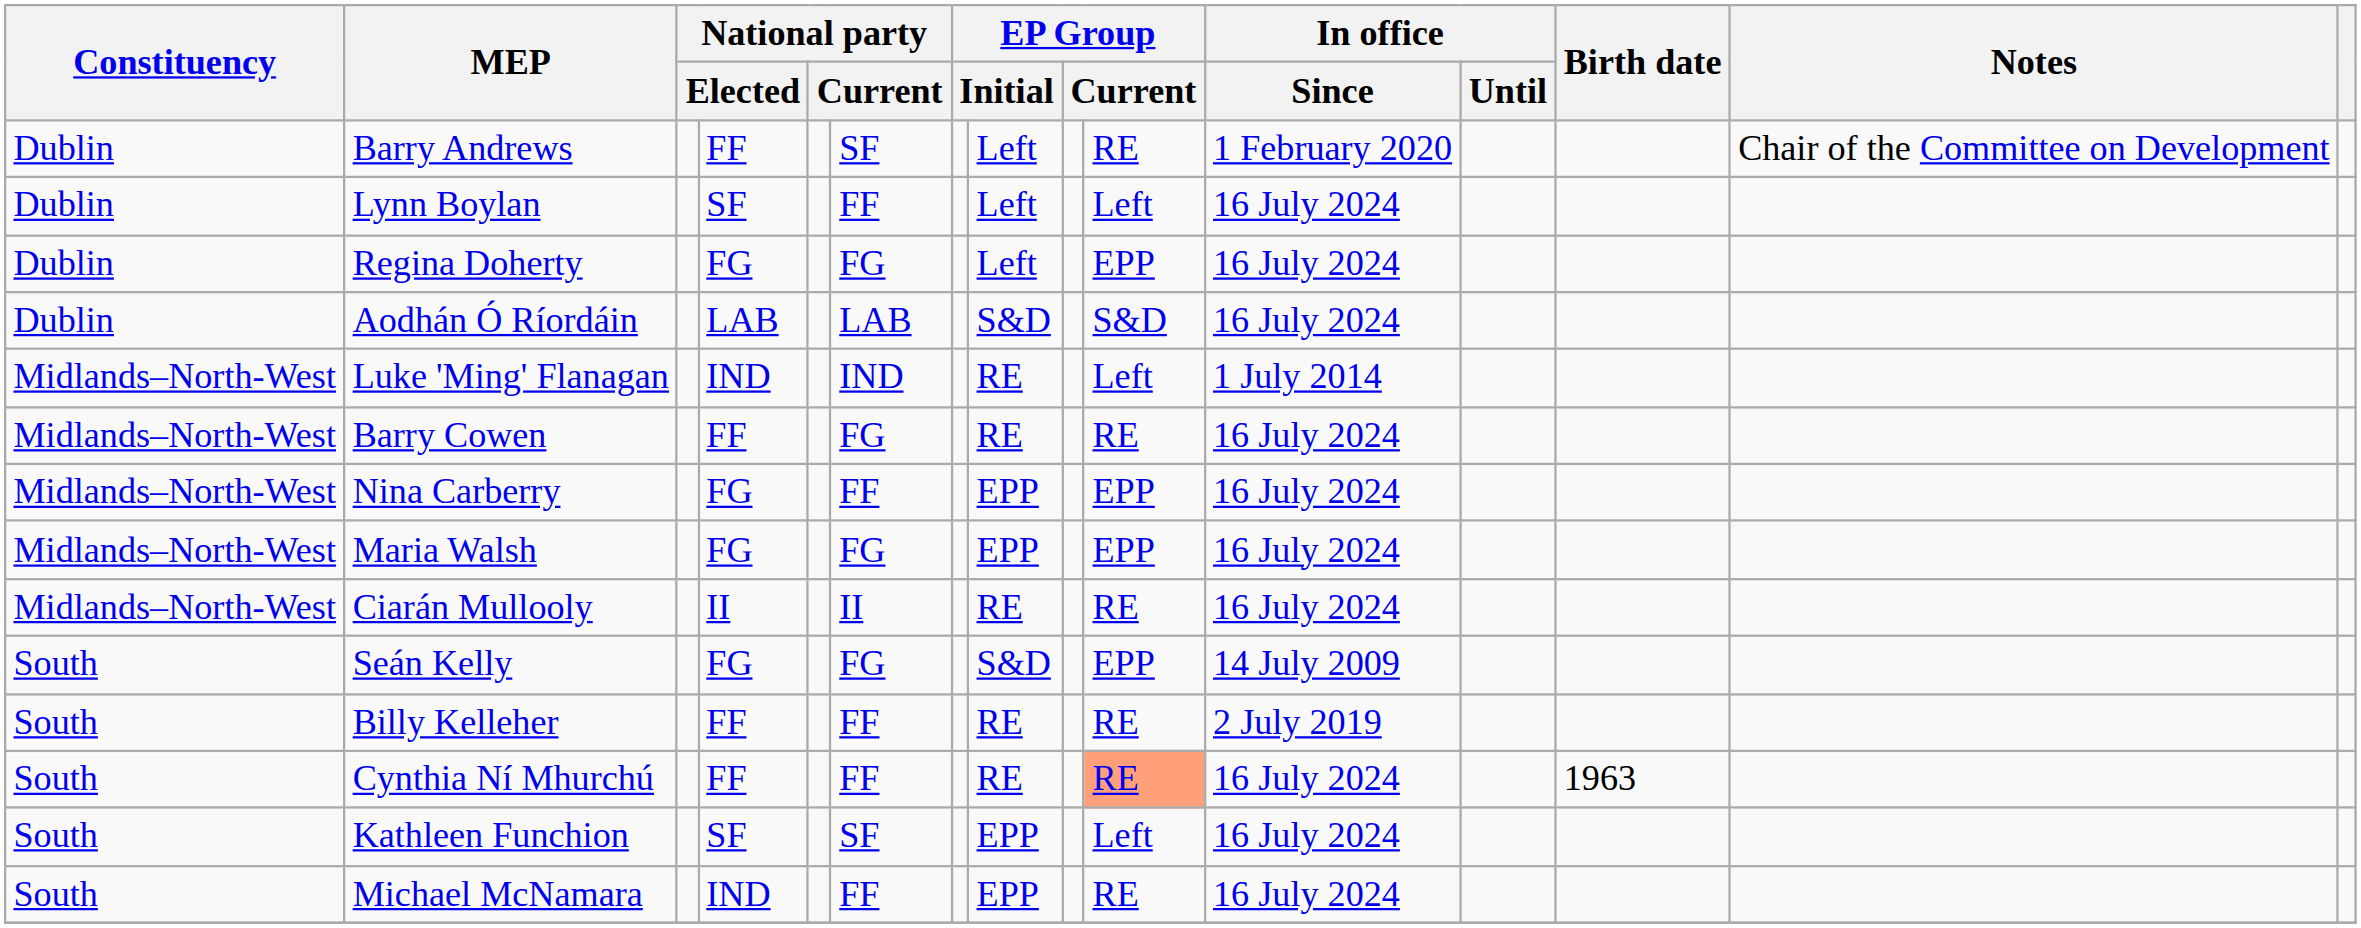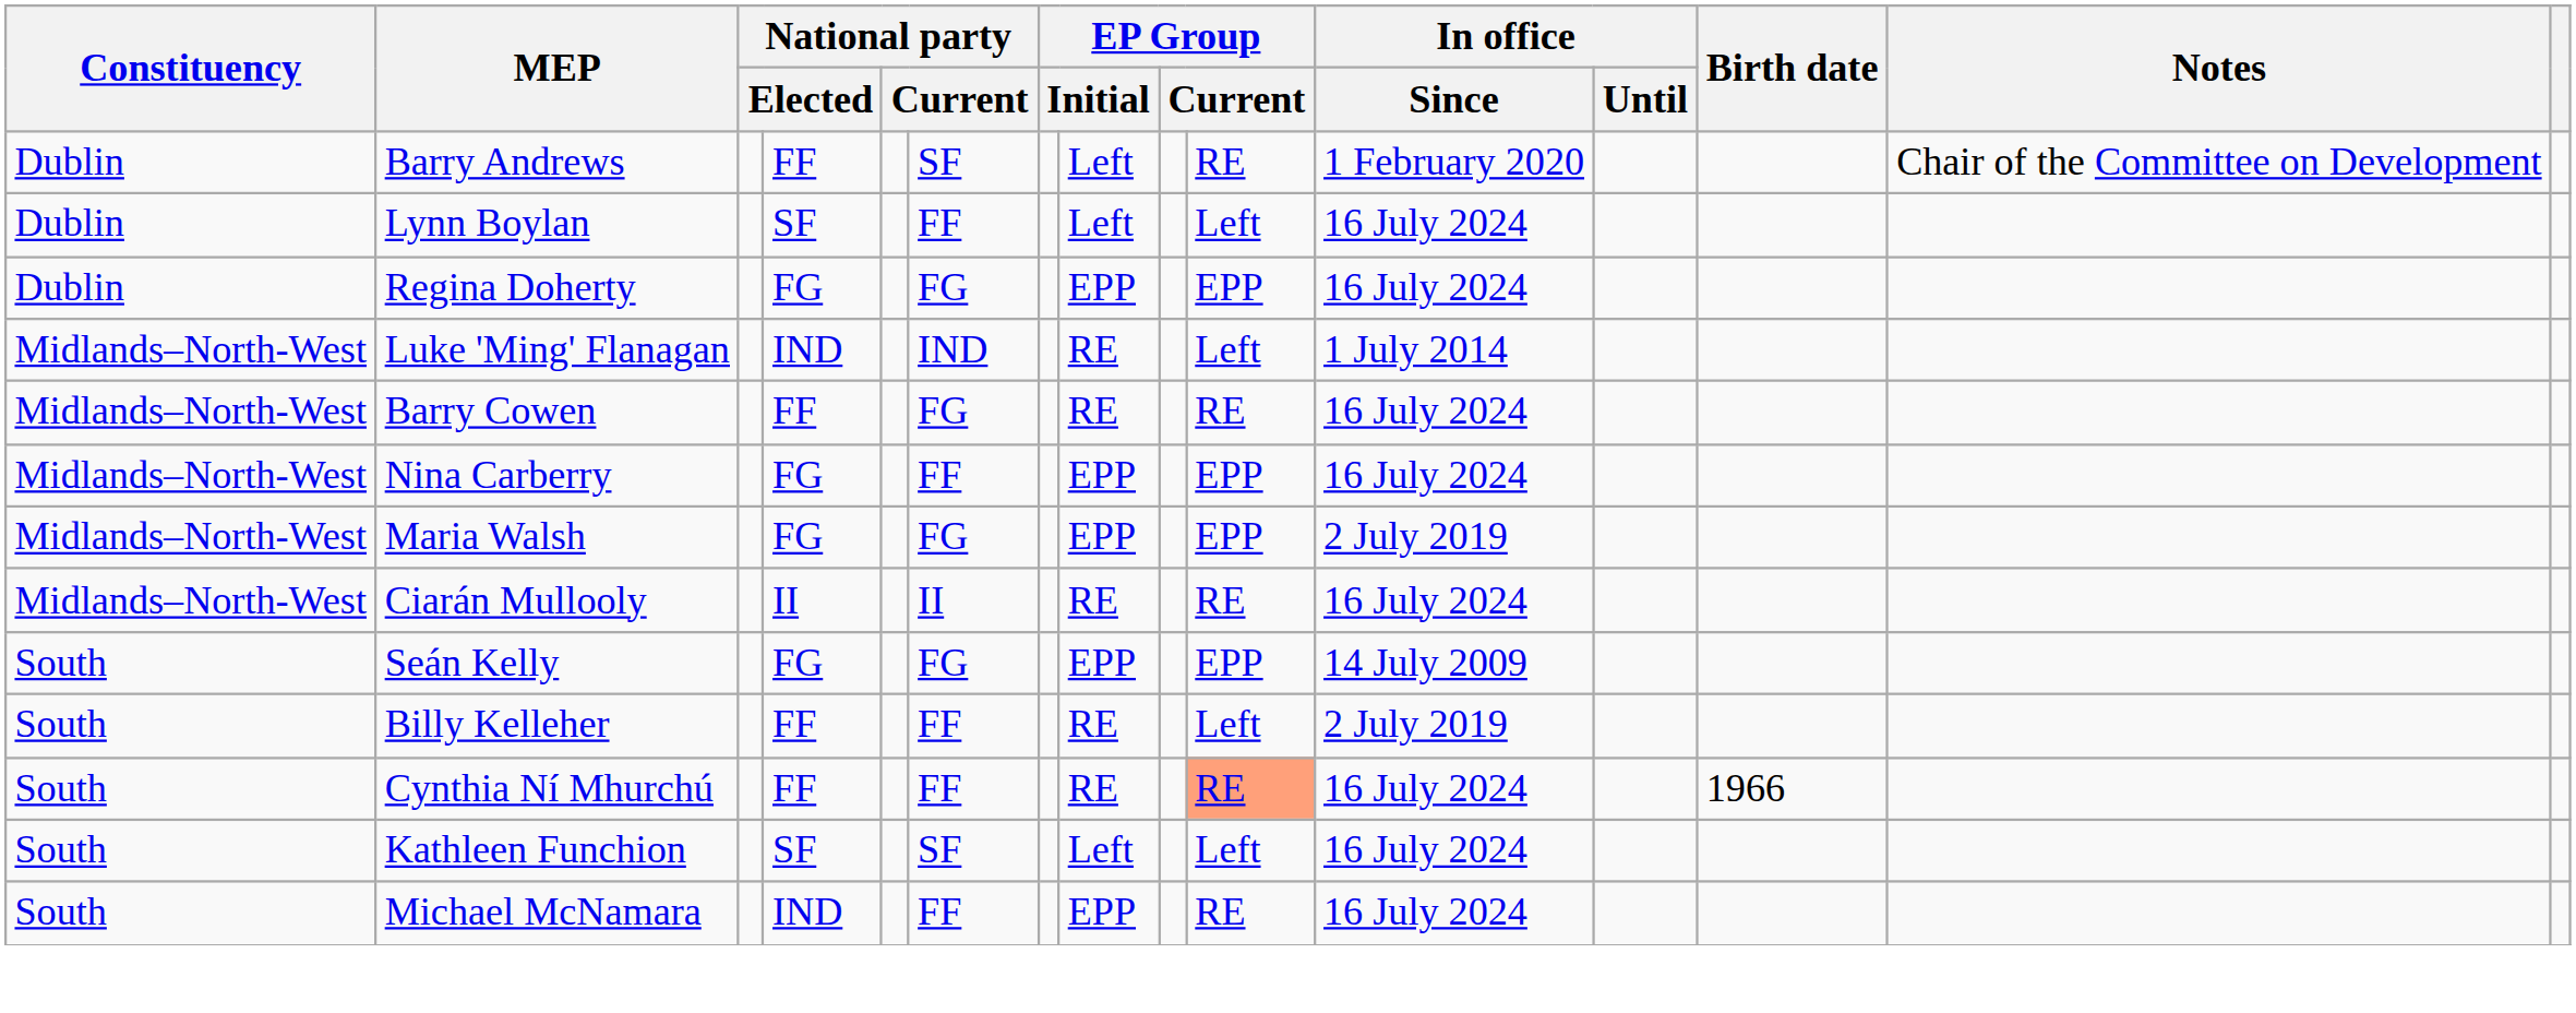 <table class="wikitable sortable" style="text-align:left">
 <tr>
 <th rowspan="2"><a href='#'>Constituency</a></th>
 <th rowspan="2">MEP</th>
 <th colspan="4">National party</th>
 <th colspan="4"><a href='#'>EP Group</a></th>
 <th colspan="2">In office</th>
 <th rowspan="2">Birth date</th>
 <th rowspan="2">Notes</th>
 <th rowspan="2" class="unsortable"></th>
 </tr>
 <tr>
 <th colspan="2">Elected</th>
 <th colspan="2">Current</th>
 <th colspan="2">Initial</th>
 <th colspan="2">Current</th>
 <th>Since</th>
 <th>Until</th>
 </tr>
 <tr>
 <td><a href='#'>Dublin</a></td>
 <td><a href='#'>Barry Andrews</a></td>
 <td style="background: "></td>
 <td><a href='#'>FF</a></td>
 <td style="background: "></td>
 <td><a href='#'>SF</a></td>
 <td style="background: "></td>
 <td><a href='#'>Left</a></td>
 <td style="background: "></td>
 <td><a href='#'>RE</a></td>
 <td><a href='#'>1 February 2020</a></td>
 <td></td>
 <td></td>
 <td>Chair of the <a href='#'>Committee on Development</a></td>
 <td></td>
 </tr>
 <tr>
 <td><a href='#'>Dublin</a></td>
 <td><a href='#'>Lynn Boylan</a></td>
 <td style="background: "></td>
 <td><a href='#'>SF</a></td>
 <td style="background: "></td>
 <td><a href='#'>FF</a></td>
 <td style="background: "></td>
 <td><a href='#'>Left</a></td>
 <td style="background: "></td>
 <td><a href='#'>Left</a></td>
 <td><a href='#'>16 July 2024</a></td>
 <td></td>
 <td></td>
 <td></td>
 <td></td>
 </tr>
 <tr>
 <td><a href='#'>Dublin</a></td>
 <td><a href='#'>Regina Doherty</a></td>
 <td style="background: "></td>
 <td><a href='#'>FG</a></td>
 <td style="background: "></td>
 <td><a href='#'>FG</a></td>
 <td style="background: "></td>
-<td><a href='#'>Left</a></td>
+<td><a href='#'>EPP</a></td>
 <td style="background: "></td>
 <td><a href='#'>EPP</a></td>
-<td><a href='#'>16 July 2024</a></td>
-<td></td>
-<td></td>
-<td></td>
-<td></td>
-</tr>
-<tr>
-<td><a href='#'>Dublin</a></td>
-<td><a href='#'>Aodhán Ó Ríordáin</a></td>
-<td style="background: "></td>
-<td><a href='#'>LAB</a></td>
-<td style="background: "></td>
-<td><a href='#'>LAB</a></td>
-<td style="background: "></td>
-<td><a href='#'>S&D</a></td>
-<td style="background: "></td>
-<td><a href='#'>S&D</a></td>
 <td><a href='#'>16 July 2024</a></td>
 <td></td>
 <td></td>
 <td></td>
 <td></td>
 </tr>
 <tr>
 <td><a href='#'>Midlands–North-West</a></td>
 <td><a href='#'>Luke 'Ming' Flanagan</a></td>
 <td style="background: "></td>
 <td><a href='#'>IND</a></td>
 <td style="background: "></td>
 <td><a href='#'>IND</a></td>
 <td style="background: "></td>
 <td><a href='#'>RE</a></td>
 <td style="background: "></td>
 <td><a href='#'>Left</a></td>
 <td><a href='#'>1 July 2014</a></td>
 <td></td>
 <td></td>
 <td></td>
 <td></td>
 </tr>
 <tr>
 <td><a href='#'>Midlands–North-West</a></td>
 <td><a href='#'>Barry Cowen</a></td>
 <td style="background: "></td>
 <td><a href='#'>FF</a></td>
 <td style="background: "></td>
 <td><a href='#'>FG</a></td>
 <td style="background: "></td>
 <td><a href='#'>RE</a></td>
 <td style="background: "></td>
 <td><a href='#'>RE</a></td>
 <td><a href='#'>16 July 2024</a></td>
 <td></td>
 <td></td>
 <td></td>
 <td></td>
 </tr>
 <tr>
 <td><a href='#'>Midlands–North-West</a></td>
 <td><a href='#'>Nina Carberry</a></td>
 <td style="background: "></td>
 <td><a href='#'>FG</a></td>
 <td style="background: "></td>
 <td><a href='#'>FF</a></td>
 <td style="background: "></td>
 <td><a href='#'>EPP</a></td>
 <td style="background: "></td>
 <td><a href='#'>EPP</a></td>
 <td><a href='#'>16 July 2024</a></td>
 <td></td>
 <td></td>
 <td></td>
 <td></td>
 </tr>
 <tr>
 <td><a href='#'>Midlands–North-West</a></td>
 <td><a href='#'>Maria Walsh</a></td>
 <td style="background: "></td>
 <td><a href='#'>FG</a></td>
 <td style="background: "></td>
 <td><a href='#'>FG</a></td>
 <td style="background: "></td>
 <td><a href='#'>EPP</a></td>
 <td style="background: "></td>
 <td><a href='#'>EPP</a></td>
-<td><a href='#'>16 July 2024</a></td>
+<td><a href='#'>2 July 2019</a></td>
 <td></td>
 <td></td>
 <td></td>
 <td></td>
 </tr>
 <tr>
 <td><a href='#'>Midlands–North-West</a></td>
 <td><a href='#'>Ciarán Mullooly</a></td>
 <td style="background: "></td>
 <td><a href='#'>II</a></td>
 <td style="background: "></td>
 <td><a href='#'>II</a></td>
 <td style="background: "></td>
 <td><a href='#'>RE</a></td>
 <td style="background: "></td>
 <td><a href='#'>RE</a></td>
 <td><a href='#'>16 July 2024</a></td>
 <td></td>
 <td></td>
 <td></td>
 <td></td>
 </tr>
 <tr>
 <td><a href='#'>South</a></td>
 <td><a href='#'>Seán Kelly</a></td>
 <td style="background: "></td>
 <td><a href='#'>FG</a></td>
 <td style="background: "></td>
 <td><a href='#'>FG</a></td>
 <td style="background: "></td>
-<td><a href='#'>S&D</a></td>
+<td><a href='#'>EPP</a></td>
 <td style="background: "></td>
 <td><a href='#'>EPP</a></td>
 <td><a href='#'>14 July 2009</a></td>
 <td></td>
 <td></td>
 <td></td>
 <td></td>
 </tr>
 <tr>
 <td><a href='#'>South</a></td>
 <td><a href='#'>Billy Kelleher</a></td>
 <td style="background: "></td>
 <td><a href='#'>FF</a></td>
 <td style="background: "></td>
 <td><a href='#'>FF</a></td>
 <td style="background: "></td>
 <td><a href='#'>RE</a></td>
 <td style="background: "></td>
-<td><a href='#'>RE</a></td>
+<td><a href='#'>Left</a></td>
 <td><a href='#'>2 July 2019</a></td>
 <td></td>
 <td></td>
 <td></td>
 <td></td>
 </tr>
 <tr>
 <td><a href='#'>South</a></td>
 <td><a href='#'>Cynthia Ní Mhurchú</a></td>
 <td style="background: "></td>
 <td><a href='#'>FF</a></td>
 <td style="background: "></td>
 <td><a href='#'>FF</a></td>
 <td style="background: "></td>
 <td><a href='#'>RE</a></td>
 <td style="background: "></td>
 <td style="background: lightsalmon;"><a href='#'>RE</a></td>
 <td><a href='#'>16 July 2024</a></td>
 <td></td>
-<td>1963</td>
+<td>1966</td>
 <td></td>
 <td></td>
 </tr>
 <tr>
 <td><a href='#'>South</a></td>
 <td><a href='#'>Kathleen Funchion</a></td>
 <td style="background: "></td>
 <td><a href='#'>SF</a></td>
 <td style="background: "></td>
 <td><a href='#'>SF</a></td>
 <td style="background: "></td>
-<td><a href='#'>EPP</a></td>
+<td><a href='#'>Left</a></td>
 <td style="background: "></td>
 <td><a href='#'>Left</a></td>
 <td><a href='#'>16 July 2024</a></td>
 <td></td>
 <td></td>
 <td></td>
 <td></td>
 </tr>
 <tr>
 <td><a href='#'>South</a></td>
 <td><a href='#'>Michael McNamara</a></td>
 <td style="background: "></td>
 <td><a href='#'>IND</a></td>
 <td style="background: "></td>
 <td><a href='#'>FF</a></td>
 <td style="background: "></td>
 <td><a href='#'>EPP</a></td>
 <td style="background: "></td>
 <td><a href='#'>RE</a></td>
 <td><a href='#'>16 July 2024</a></td>
 <td></td>
 <td></td>
 <td></td>
 <td></td>
 </tr>
 <tr>
 </tr>
 </table>
